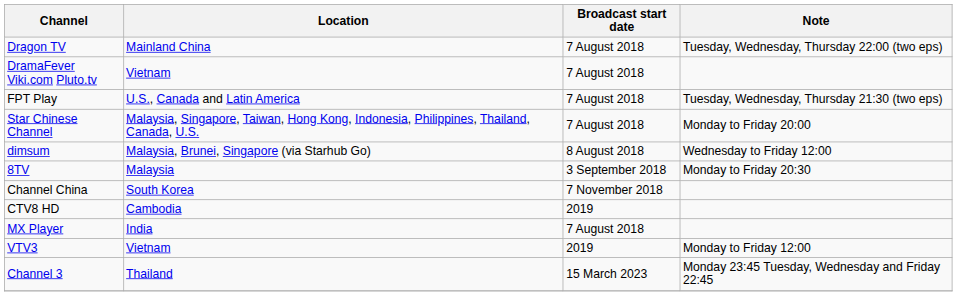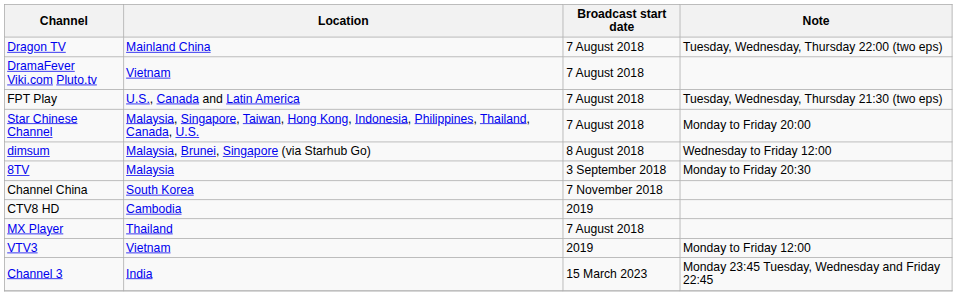 <table class="wikitable">
 <tr>
 <th>Channel</th>
 <th>Location</th>
 <th>Broadcast start date</th>
 <th>Note</th>
 </tr>
 <tr>
 <td><a href='#'>Dragon TV</a></td>
 <td><a href='#'>Mainland China</a></td>
 <td>7 August 2018</td>
 <td>Tuesday, Wednesday, Thursday 22:00 (two eps)</td>
 </tr>
 <tr>
 <td><a href='#'>DramaFever</a><br><a href='#'>Viki.com</a> <a href='#'>Pluto.tv</a></td>
 <td><a href='#'>Vietnam</a></td>
 <td>7 August 2018</td>
 <td></td>
 </tr>
 <tr>
 <td>FPT Play</td>
 <td><a href='#'>U.S.</a>, <a href='#'>Canada</a> and <a href='#'>Latin America</a></td>
 <td>7 August 2018</td>
 <td>Tuesday, Wednesday, Thursday 21:30 (two eps)</td>
 </tr>
 <tr>
 <td><a href='#'>Star Chinese Channel</a></td>
 <td><a href='#'>Malaysia</a>, <a href='#'>Singapore</a>, <a href='#'>Taiwan</a>, <a href='#'>Hong Kong</a>, <a href='#'>Indonesia</a>, <a href='#'>Philippines</a>, <a href='#'>Thailand</a>, <a href='#'>Canada</a>, <a href='#'>U.S.</a></td>
 <td>7 August 2018</td>
 <td>Monday to Friday 20:00</td>
 </tr>
 <tr>
 <td><a href='#'>dimsum</a></td>
 <td><a href='#'>Malaysia</a>, <a href='#'>Brunei</a>, <a href='#'>Singapore</a> (via Starhub Go)</td>
 <td>8 August 2018</td>
 <td>Wednesday to Friday 12:00</td>
 </tr>
 <tr>
 <td><a href='#'>8TV</a></td>
 <td><a href='#'>Malaysia</a></td>
 <td>3 September 2018</td>
 <td>Monday to Friday 20:30</td>
 </tr>
 <tr>
 <td>Channel China</td>
 <td><a href='#'>South Korea</a></td>
 <td>7 November 2018</td>
 <td></td>
 </tr>
 <tr>
 <td>CTV8 HD</td>
 <td><a href='#'>Cambodia</a></td>
 <td>2019</td>
 <td></td>
 </tr>
 <tr>
 <td><a href='#'>MX Player</a></td>
-<td><a href='#'>India</a></td>
+<td><a href='#'>Thailand</a></td>
 <td>7 August 2018</td>
 <td></td>
 </tr>
 <tr>
 <td><a href='#'>VTV3</a></td>
 <td><a href='#'>Vietnam</a></td>
 <td>2019</td>
 <td>Monday to Friday 12:00</td>
 </tr>
 <tr>
 <td><a href='#'>Channel 3</a></td>
-<td><a href='#'>Thailand</a></td>
+<td><a href='#'>India</a></td>
 <td>15 March 2023</td>
 <td>Monday 23:45 Tuesday, Wednesday and Friday 22:45</td>
 </tr>
 <tr>
 </tr>
 </table>
